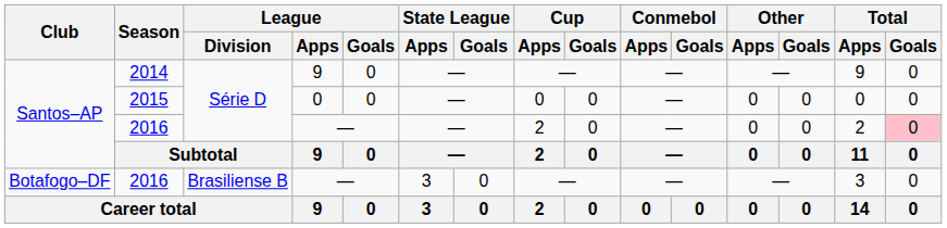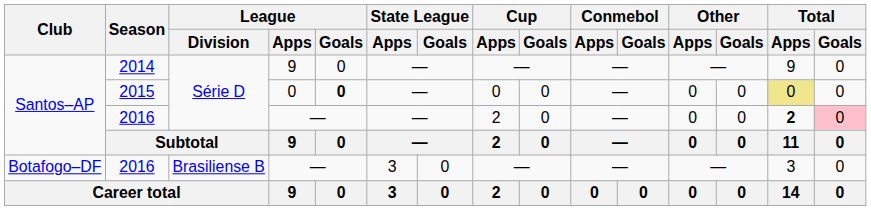 <table class="wikitable" style="text-align: center;">
 <tr>
 <th rowspan="2">Club</th>
 <th rowspan="2">Season</th>
 <th colspan="3">League</th>
 <th colspan="2">State League</th>
 <th colspan="2">Cup</th>
 <th colspan="2">Conmebol</th>
 <th colspan="2">Other</th>
 <th colspan="2">Total</th>
 </tr>
 <tr>
 <th>Division</th>
 <th>Apps</th>
 <th>Goals</th>
 <th>Apps</th>
 <th>Goals</th>
 <th>Apps</th>
 <th>Goals</th>
 <th>Apps</th>
 <th>Goals</th>
 <th>Apps</th>
 <th>Goals</th>
 <th>Apps</th>
 <th>Goals</th>
 </tr>
 <tr>
 <td rowspan=4 valign="center"><a href='#'>Santos–AP</a></td>
 <td><a href='#'>2014</a></td>
 <td rowspan=3><a href='#'>Série D</a></td>
 <td>9</td>
 <td>0</td>
 <td colspan="2">—</td>
 <td colspan="2">—</td>
 <td colspan="2">—</td>
 <td colspan="2">—</td>
 <td>9</td>
 <td>0</td>
 </tr>
 <tr>
 <td><a href='#'>2015</a></td>
 <td>0</td>
-<td>0</td>
+<td><strong>0</strong></td>
 <td colspan="2">—</td>
 <td>0</td>
 <td>0</td>
 <td colspan="2">—</td>
 <td>0</td>
 <td>0</td>
-<td>0</td>
+<td style="background: khaki;">0</td>
 <td>0</td>
 </tr>
 <tr>
 <td><a href='#'>2016</a></td>
 <td colspan="2">—</td>
 <td colspan="2">—</td>
 <td>2</td>
 <td>0</td>
 <td colspan="2">—</td>
 <td>0</td>
 <td>0</td>
-<td>2</td>
+<td><strong>2</strong></td>
 <td style="background: pink;">0</td>
 </tr>
 <tr>
 <th colspan="2"><strong>Subtotal</strong></th>
 <th>9</th>
 <th>0</th>
 <th colspan="2">—</th>
 <th>2</th>
 <th>0</th>
 <th colspan="2">—</th>
 <th>0</th>
 <th>0</th>
 <th>11</th>
 <th>0</th>
 </tr>
 <tr>
 <td valign="center"><a href='#'>Botafogo–DF</a></td>
 <td><a href='#'>2016</a></td>
 <td><a href='#'>Brasiliense B</a></td>
 <td colspan="2">—</td>
 <td>3</td>
 <td>0</td>
 <td colspan="2">—</td>
 <td colspan="2">—</td>
 <td colspan="2">—</td>
 <td>3</td>
 <td>0</td>
 </tr>
 <tr>
 <th colspan="3"><strong>Career total</strong></th>
 <th>9</th>
 <th>0</th>
 <th>3</th>
 <th>0</th>
 <th>2</th>
 <th>0</th>
 <th>0</th>
 <th>0</th>
 <th>0</th>
 <th>0</th>
 <th>14</th>
 <th>0</th>
 </tr>
 </table>
